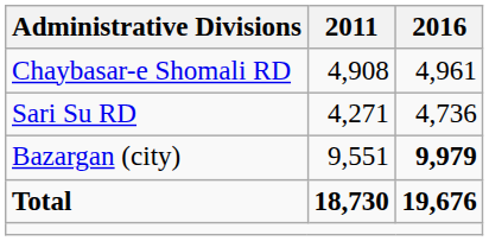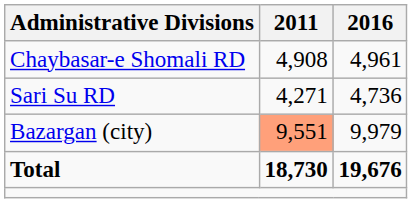 <table class="wikitable">
 <tr>
 <th>Administrative Divisions</th>
 <th>2011</th>
 <th>2016</th>
 </tr>
 <tr>
 <td><a href='#'>Chaybasar-e Shomali RD</a></td>
 <td style="text-align: right;">4,908</td>
 <td style="text-align: right;">4,961</td>
 </tr>
 <tr>
 <td><a href='#'>Sari Su RD</a></td>
 <td style="text-align: right;">4,271</td>
 <td style="text-align: right;">4,736</td>
 </tr>
 <tr>
 <td><a href='#'>Bazargan</a> (city)</td>
-<td style="text-align: right;">9,551</td>
-<td style="text-align: right;"><strong>9,979</strong></td>
+<td style="background: lightsalmon; text-align: right;">9,551</td>
+<td style="text-align: right;">9,979</td>
 </tr>
 <tr>
 <td><strong>Total</strong></td>
 <td style="text-align: right;"><strong>18,730</strong></td>
 <td style="text-align: right;"><strong>19,676</strong></td>
 </tr>
 <tr>
 <td colspan=3></td>
 </tr>
 </table>
